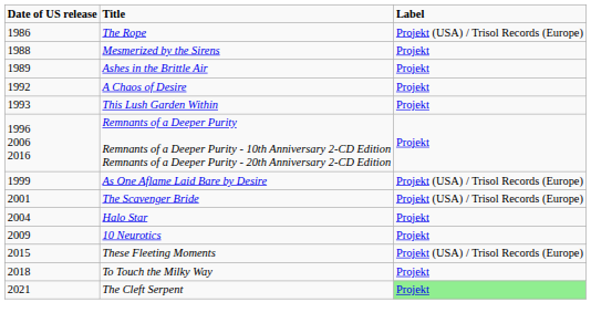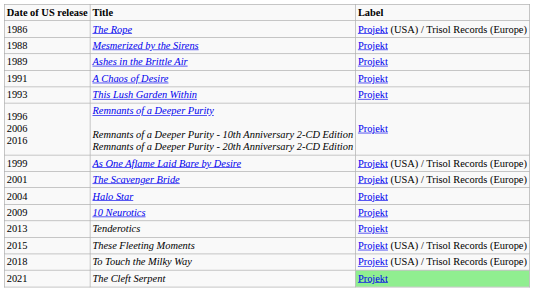 <table class="wikitable">
 <tr>
 <td><strong>Date of US release</strong></td>
 <td><strong>Title</strong></td>
 <td><strong>Label</strong></td>
 </tr>
 <tr>
 <td>1986</td>
 <td><em><a href='#'>The Rope</a></em></td>
 <td><a href='#'>Projekt</a> (USA) / Trisol Records (Europe)</td>
 </tr>
 <tr>
 <td>1988</td>
 <td><em><a href='#'>Mesmerized by the Sirens</a></em></td>
 <td><a href='#'>Projekt</a></td>
 </tr>
 <tr>
 <td>1989</td>
 <td><em><a href='#'>Ashes in the Brittle Air</a></em></td>
 <td><a href='#'>Projekt</a></td>
 </tr>
 <tr>
-<td>1992</td>
+<td>1991</td>
 <td><em><a href='#'>A Chaos of Desire</a></em></td>
 <td><a href='#'>Projekt</a></td>
 </tr>
 <tr>
 <td>1993</td>
 <td><em><a href='#'>This Lush Garden Within</a></em></td>
 <td><a href='#'>Projekt</a></td>
 </tr>
 <tr>
 <td>1996<br>2006<br> 2016</td>
 <td><em><a href='#'>Remnants of a Deeper Purity</a></em><br><br><em>Remnants of a Deeper Purity - 10th Anniversary 2-CD Edition</em><br> <em>Remnants of a Deeper Purity - 20th Anniversary 2-CD Edition</em></td>
 <td><a href='#'>Projekt</a></td>
 </tr>
 <tr>
 <td>1999</td>
 <td><em><a href='#'>As One Aflame Laid Bare by Desire</a></em></td>
 <td><a href='#'>Projekt</a> (USA) / Trisol Records (Europe)</td>
 </tr>
 <tr>
 <td>2001</td>
 <td><em><a href='#'>The Scavenger Bride</a></em></td>
 <td><a href='#'>Projekt</a> (USA) / Trisol Records (Europe)</td>
 </tr>
 <tr>
 <td>2004</td>
 <td><em><a href='#'>Halo Star</a></em></td>
 <td><a href='#'>Projekt</a></td>
 </tr>
 <tr>
 <td>2009</td>
 <td><em><a href='#'>10 Neurotics</a></em></td>
 <td><a href='#'>Projekt</a></td>
 </tr>
 <tr>
+<td>2013</td>
+<td><em>Tenderotics</em></td>
+<td><a href='#'>Projekt</a></td>
+</tr>
+<tr>
 <td>2015</td>
 <td><em>These Fleeting Moments</em></td>
 <td><a href='#'>Projekt</a> (USA) / Trisol Records (Europe)</td>
 </tr>
 <tr>
 <td>2018</td>
 <td><em>To Touch the Milky Way</em></td>
-<td><a href='#'>Projekt</a></td>
+<td><a href='#'>Projekt</a> (USA) / Trisol Records (Europe)</td>
 </tr>
 <tr>
 <td>2021</td>
 <td><em>The Cleft Serpent</em></td>
 <td style="background: lightgreen;"><a href='#'>Projekt</a></td>
 </tr>
 </table>
